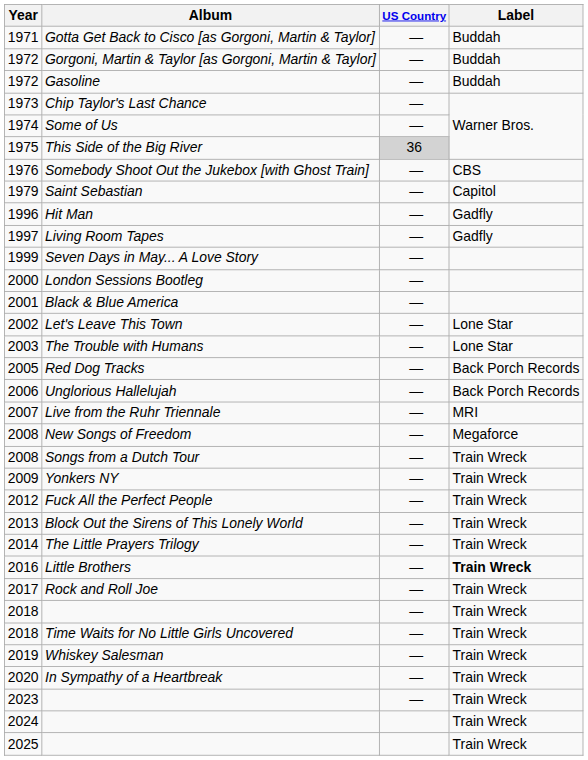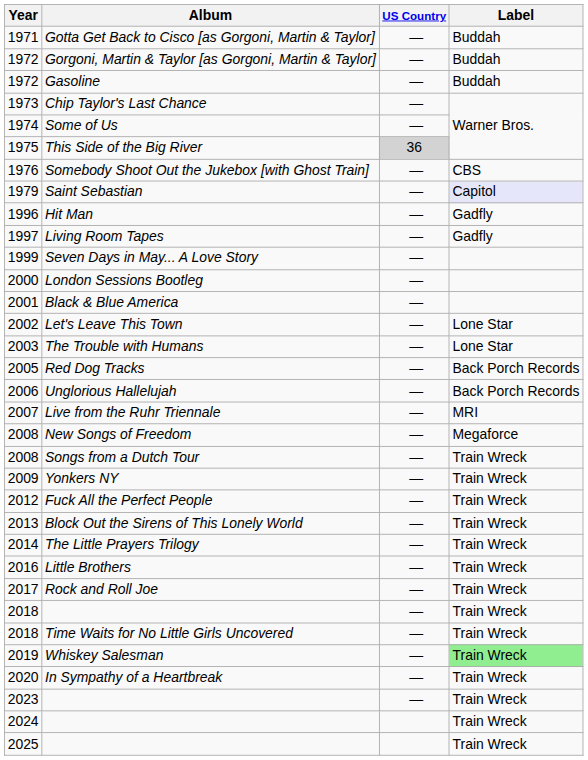 <table class="wikitable">
 <tr>
 <th>Year</th>
 <th>Album</th>
 <th><small><a href='#'>US Country</a></small></th>
 <th>Label</th>
 </tr>
 <tr>
 <td>1971</td>
 <td><em>Gotta Get Back to Cisco [as Gorgoni, Martin & Taylor]</em></td>
 <td style="text-align:center;"> —</td>
 <td>Buddah</td>
 </tr>
 <tr>
 <td>1972</td>
 <td><em>Gorgoni, Martin & Taylor [as Gorgoni, Martin & Taylor]</em></td>
 <td style="text-align:center;"> —</td>
 <td>Buddah</td>
 </tr>
 <tr>
 <td>1972</td>
 <td><em>Gasoline</em></td>
 <td style="text-align:center;"> —</td>
 <td>Buddah</td>
 </tr>
 <tr>
 <td>1973</td>
 <td><em>Chip Taylor's Last Chance</em></td>
 <td style="text-align:center;"> —</td>
 <td rowspan="3">Warner Bros.</td>
 </tr>
 <tr>
 <td>1974</td>
 <td><em>Some of Us</em></td>
 <td style="text-align:center;"> —</td>
 </tr>
 <tr>
 <td>1975</td>
 <td><em>This Side of the Big River</em></td>
 <td style="background: lightgrey; text-align:center;">36</td>
 </tr>
 <tr>
 <td>1976</td>
 <td><em>Somebody Shoot Out the Jukebox [with Ghost Train]</em></td>
 <td style="text-align:center;"> —</td>
 <td>CBS</td>
 </tr>
 <tr>
 <td>1979</td>
 <td><em>Saint Sebastian</em></td>
 <td style="text-align:center;"> —</td>
-<td>Capitol</td>
+<td style="background: lavender;">Capitol</td>
 </tr>
 <tr>
 <td>1996</td>
 <td><em>Hit Man</em></td>
 <td style="text-align:center;"> —</td>
 <td>Gadfly</td>
 </tr>
 <tr>
 <td>1997</td>
 <td><em>Living Room Tapes</em></td>
 <td style="text-align:center;"> —</td>
 <td>Gadfly</td>
 </tr>
 <tr>
 <td>1999</td>
 <td><em>Seven Days in May... A Love Story</em></td>
 <td style="text-align:center;"> —</td>
 <td></td>
 </tr>
 <tr>
 <td>2000</td>
 <td><em>London Sessions Bootleg</em></td>
 <td style="text-align:center;"> —</td>
 <td></td>
 </tr>
 <tr>
 <td>2001</td>
 <td><em>Black & Blue America</em></td>
 <td style="text-align:center;"> —</td>
 <td></td>
 </tr>
 <tr>
 <td>2002</td>
 <td><em>Let's Leave This Town</em></td>
 <td style="text-align:center;"> —</td>
 <td>Lone Star</td>
 </tr>
 <tr>
 <td>2003</td>
 <td><em>The Trouble with Humans</em></td>
 <td style="text-align:center;"> —</td>
 <td>Lone Star</td>
 </tr>
 <tr>
 <td>2005</td>
 <td><em>Red Dog Tracks</em></td>
 <td style="text-align:center;"> —</td>
 <td>Back Porch Records</td>
 </tr>
 <tr>
 <td>2006</td>
 <td><em>Unglorious Hallelujah</em></td>
 <td style="text-align:center;"> —</td>
 <td>Back Porch Records</td>
 </tr>
 <tr>
 <td>2007</td>
 <td><em>Live from the Ruhr Triennale</em></td>
 <td style="text-align:center;"> —</td>
 <td>MRI</td>
 </tr>
 <tr>
 <td>2008</td>
 <td><em>New Songs of Freedom</em></td>
 <td style="text-align:center;"> —</td>
 <td>Megaforce</td>
 </tr>
 <tr>
 <td>2008</td>
 <td><em>Songs from a Dutch Tour</em></td>
 <td style="text-align:center;"> —</td>
 <td>Train Wreck</td>
 </tr>
 <tr>
 <td>2009</td>
 <td><em>Yonkers NY</em></td>
 <td style="text-align:center;"> —</td>
 <td>Train Wreck</td>
 </tr>
 <tr>
 <td>2012</td>
 <td><em>Fuck All the Perfect People</em></td>
 <td style="text-align:center;"> —</td>
 <td>Train Wreck</td>
 </tr>
 <tr>
 <td>2013</td>
 <td><em>Block Out the Sirens of This Lonely World </em></td>
 <td style="text-align:center;"> —</td>
 <td>Train Wreck</td>
 </tr>
 <tr>
 <td>2014</td>
 <td><em>The Little Prayers Trilogy</em></td>
 <td style="text-align:center;"> —</td>
 <td>Train Wreck</td>
 </tr>
 <tr>
 <td>2016</td>
 <td><em>Little Brothers</em></td>
 <td style="text-align:center;"> —</td>
-<td><strong>Train Wreck</strong></td>
+<td>Train Wreck</td>
 </tr>
 <tr>
 <td>2017</td>
 <td><em>Rock and Roll Joe</em></td>
 <td style="text-align:center;"> —</td>
 <td>Train Wreck</td>
 </tr>
 <tr>
 <td>2018</td>
 <td><em></em></td>
 <td style="text-align:center;"> —</td>
 <td>Train Wreck</td>
 </tr>
 <tr>
 <td>2018</td>
 <td><em>Time Waits for No Little Girls Uncovered</em></td>
 <td style="text-align:center;"> —</td>
 <td>Train Wreck</td>
 </tr>
 <tr>
 <td>2019</td>
 <td><em>Whiskey Salesman</em></td>
 <td style="text-align:center;"> —</td>
-<td>Train Wreck</td>
+<td style="background: lightgreen;">Train Wreck</td>
 </tr>
 <tr>
 <td>2020</td>
 <td><em>In Sympathy of a Heartbreak</em></td>
 <td style="text-align:center;"> —</td>
 <td>Train Wreck</td>
 </tr>
 <tr>
 <td>2023</td>
 <td><em></em></td>
 <td style="text-align:center;"> —</td>
 <td>Train Wreck</td>
 </tr>
 <tr>
 <td>2024</td>
 <td><em></em></td>
 <td></td>
 <td>Train Wreck</td>
 </tr>
 <tr>
 <td>2025</td>
 <td><em></em></td>
 <td></td>
 <td>Train Wreck</td>
 </tr>
 </table>
